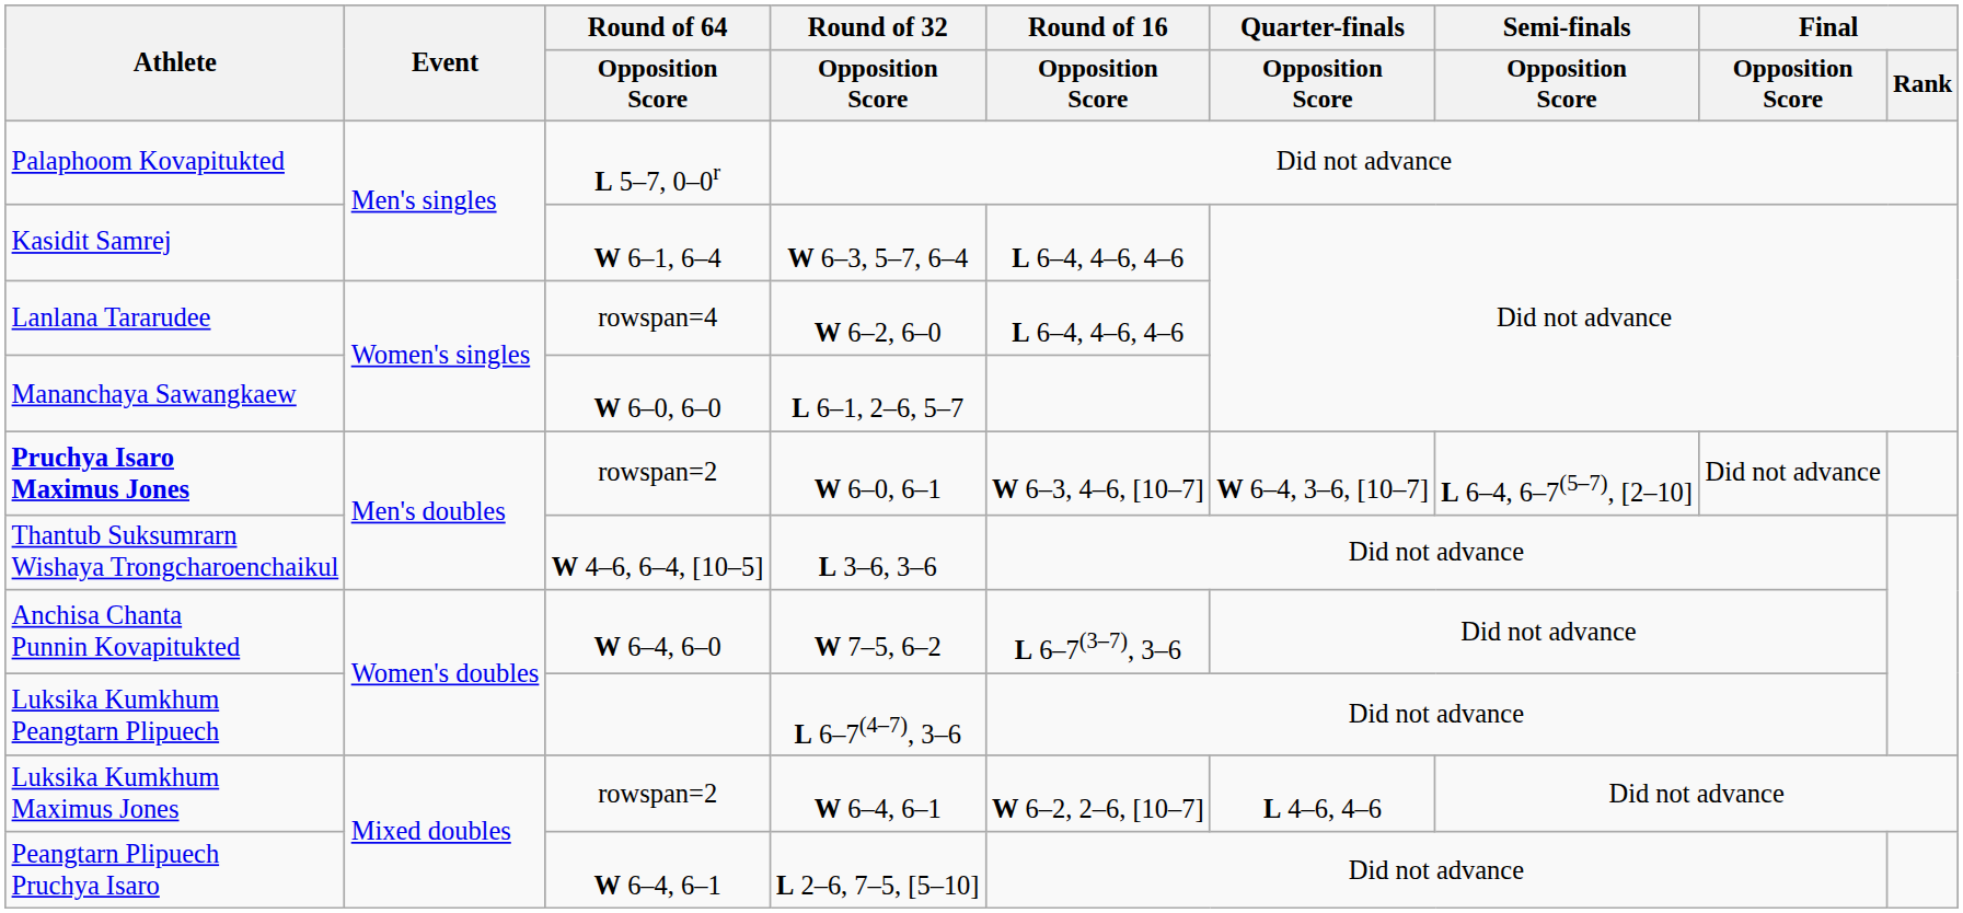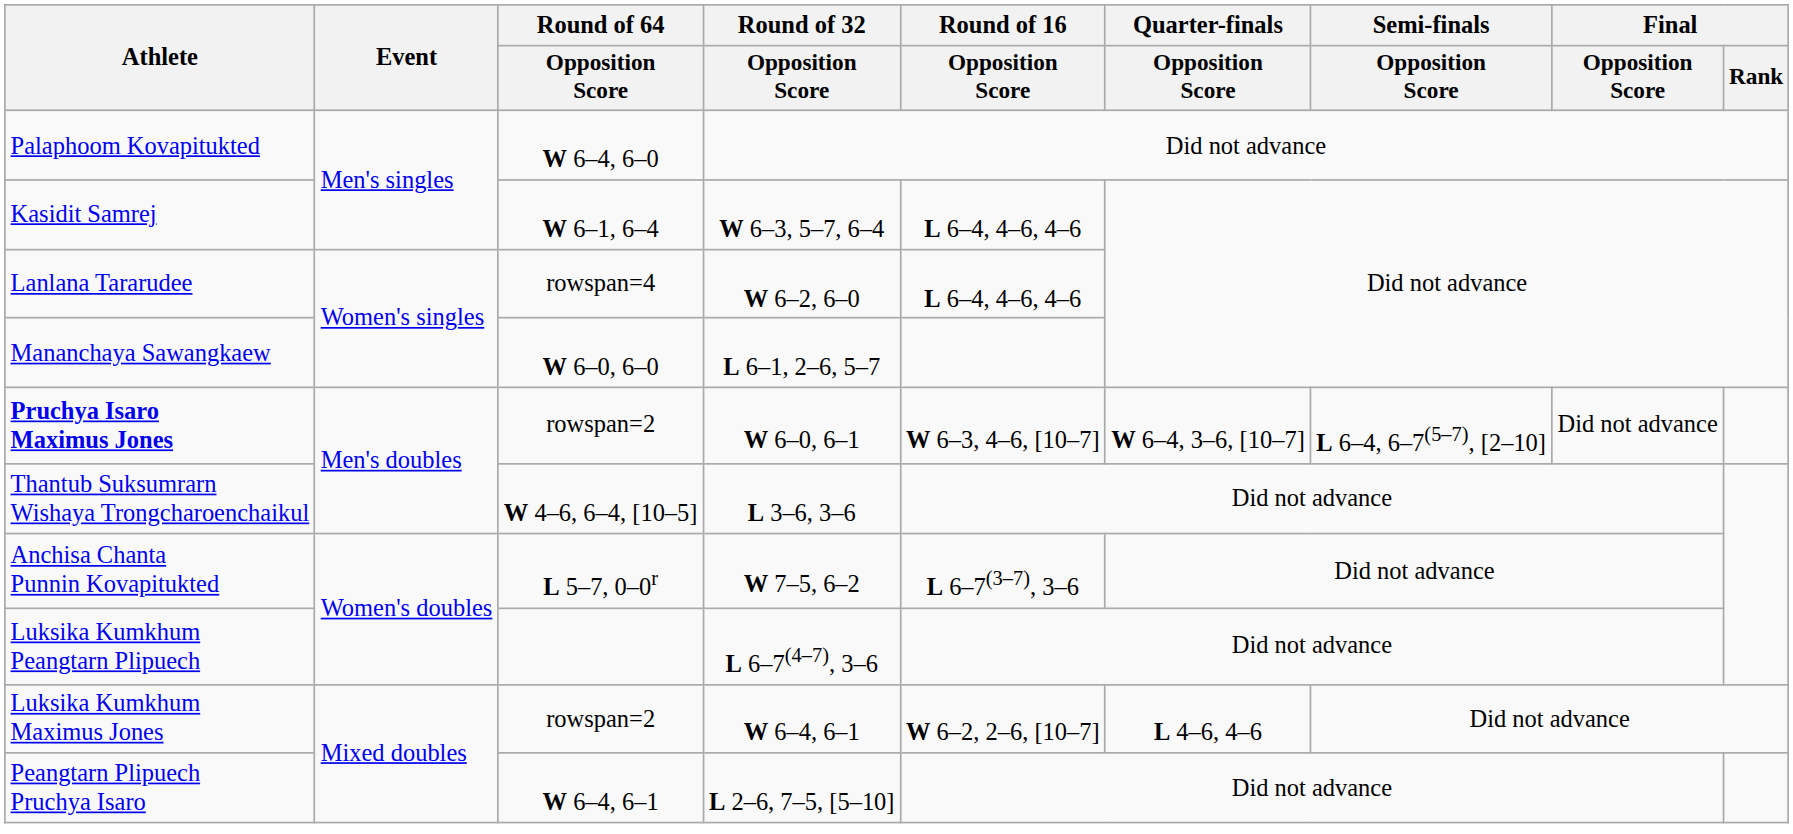 <table class=wikitable style="font-size:90%; text-align:center;">
 <tr>
 <th rowspan="2">Athlete</th>
 <th rowspan="2">Event</th>
 <th>Round of 64</th>
 <th>Round of 32</th>
 <th>Round of 16</th>
 <th>Quarter-finals</th>
 <th>Semi-finals</th>
 <th colspan=2>Final</th>
 </tr>
 <tr style="font-size:95%">
 <th>Opposition<br>Score</th>
 <th>Opposition<br>Score</th>
 <th>Opposition<br>Score</th>
 <th>Opposition<br>Score</th>
 <th>Opposition<br>Score</th>
 <th>Opposition<br>Score</th>
 <th>Rank</th>
 </tr>
 <tr>
 <td align=left><a href='#'>Palaphoom Kovapitukted</a></td>
 <td align=left rowspan=2><a href='#'>Men's singles</a></td>
-<td><br><strong>L</strong> 5–7, 0–0<sup>r</sup></td>
+<td><br><strong>W</strong> 6–4, 6–0</td>
 <td colspan=6>Did not advance</td>
 </tr>
 <tr>
 <td align=left><a href='#'>Kasidit Samrej</a></td>
 <td><br><strong>W</strong> 6–1, 6–4</td>
 <td><br><strong>W</strong> 6–3, 5–7, 6–4</td>
 <td><br><strong>L</strong> 6–4, 4–6, 4–6</td>
 <td rowspan=3 colspan=4>Did not advance</td>
 </tr>
 <tr>
 <td align=left><a href='#'>Lanlana Tararudee</a></td>
 <td align=left rowspan=2><a href='#'>Women's singles</a></td>
 <td>rowspan=4 </td>
 <td><br><strong>W</strong> 6–2, 6–0</td>
 <td><br><strong>L</strong> 6–4, 4–6, 4–6</td>
 </tr>
 <tr>
 <td align=left><a href='#'>Mananchaya Sawangkaew</a></td>
 <td><br><strong>W</strong> 6–0, 6–0</td>
 <td><br><strong>L</strong> 6–1, 2–6, 5–7</td>
 </tr>
 <tr>
 <td align=left><strong><a href='#'>Pruchya Isaro</a><br><a href='#'>Maximus Jones</a></strong></td>
 <td align=left rowspan=2><a href='#'>Men's doubles</a></td>
 <td>rowspan=2 </td>
 <td><br><strong>W</strong> 6–0, 6–1</td>
 <td><br><strong>W</strong> 6–3, 4–6, [10–7]</td>
 <td><br><strong>W</strong> 6–4, 3–6, [10–7]</td>
 <td><br><strong>L</strong> 6–4, 6–7<sup>(5–7)</sup>, [2–10]</td>
 <td>Did not advance</td>
 <td></td>
 </tr>
 <tr>
 <td align=left><a href='#'>Thantub Suksumrarn</a><br><a href='#'>Wishaya Trongcharoenchaikul</a></td>
 <td><br><strong>W</strong> 4–6, 6–4, [10–5]</td>
 <td><br><strong>L</strong> 3–6, 3–6</td>
 <td colspan=4>Did not advance</td>
 </tr>
 <tr>
 <td align=left><a href='#'>Anchisa Chanta</a><br><a href='#'>Punnin Kovapitukted</a></td>
 <td align=left rowspan=2><a href='#'>Women's doubles</a></td>
-<td><br><strong>W</strong> 6–4, 6–0</td>
+<td><br><strong>L</strong> 5–7, 0–0<sup>r</sup></td>
 <td><br><strong>W</strong> 7–5, 6–2</td>
 <td><br><strong>L</strong> 6–7<sup>(3–7)</sup>, 3–6</td>
 <td colspan=3>Did not advance</td>
 </tr>
 <tr>
 <td align=left><a href='#'>Luksika Kumkhum</a><br><a href='#'>Peangtarn Plipuech</a></td>
 <td></td>
 <td><br><strong>L</strong> 6–7<sup>(4–7)</sup>, 3–6</td>
 <td colspan=4>Did not advance</td>
 </tr>
 <tr>
 <td align=left><a href='#'>Luksika Kumkhum</a><br><a href='#'>Maximus Jones</a></td>
 <td align=left rowspan=2><a href='#'>Mixed doubles</a></td>
 <td>rowspan=2 </td>
 <td><br><strong>W</strong> 6–4, 6–1</td>
 <td><br><strong>W</strong> 6–2, 2–6, [10–7]</td>
 <td><br><strong>L</strong> 4–6, 4–6</td>
 <td colspan=3>Did not advance</td>
 </tr>
 <tr>
 <td align=left><a href='#'>Peangtarn Plipuech</a><br><a href='#'>Pruchya Isaro</a></td>
 <td><br><strong>W</strong> 6–4, 6–1</td>
 <td><br><strong>L</strong> 2–6, 7–5, [5–10]</td>
 <td colspan=4>Did not advance</td>
 </tr>
 </table>
